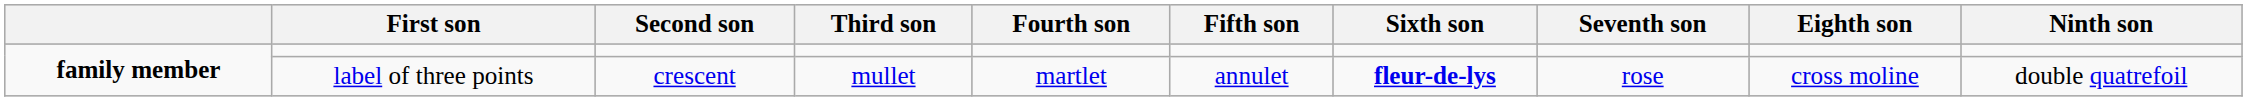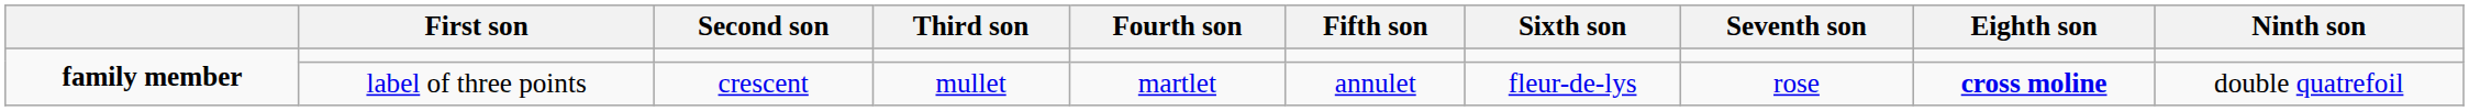 <table class="wikitable" style="width:90%;text-align:center;">
 <tr>
 <th></th>
 <th>First son</th>
 <th>Second son</th>
 <th>Third son</th>
 <th>Fourth son</th>
 <th>Fifth son</th>
 <th>Sixth son</th>
 <th>Seventh son</th>
 <th>Eighth son</th>
 <th>Ninth son</th>
 </tr>
 <tr style="text-align:center">
 <td rowspan="2" align="center"><strong>family member</strong></td>
 <td></td>
 <td></td>
 <td></td>
 <td></td>
 <td></td>
 <td></td>
 <td></td>
 <td></td>
 <td></td>
 </tr>
 <tr>
 <td><a href='#'>label</a> of three points</td>
 <td><a href='#'>crescent</a></td>
 <td><a href='#'>mullet</a></td>
 <td><a href='#'>martlet</a></td>
 <td><a href='#'>annulet</a></td>
-<td><strong><a href='#'>fleur-de-lys</a></strong></td>
+<td><a href='#'>fleur-de-lys</a></td>
 <td><a href='#'>rose</a></td>
-<td><a href='#'>cross moline</a></td>
+<td><strong><a href='#'>cross moline</a></strong></td>
 <td>double <a href='#'>quatrefoil</a></td>
 </tr>
 </table>
